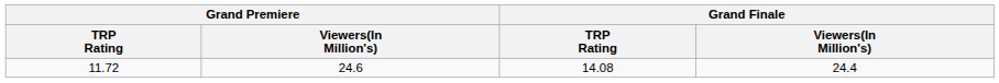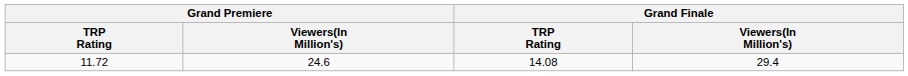 <table class="wikitable" style="font-size:90%; text-align:center; width: 90%; margin-left: auto; margin-right: auto;style=width:50em ">
 <tr>
 <th colspan="2">Grand Premiere</th>
 <th colspan="2">Grand Finale</th>
 </tr>
 <tr>
 <th>TRP<br>Rating</th>
 <th>Viewers(In<br>Million's)</th>
 <th>TRP<br>Rating</th>
 <th>Viewers(In<br>Million's)</th>
 </tr>
 <tr>
 <td>11.72</td>
 <td>24.6</td>
 <td>14.08</td>
-<td>24.4</td>
+<td>29.4</td>
 </tr>
 </table>
